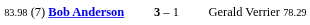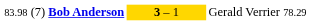 <table style="text-align:center">
 <tr>
 <th width=223></th>
 <th width=100></th>
 <th width=223></th>
 </tr>
 <tr>
 <td align=right><small>83.98</small> (7) <strong><a href='#'>Bob Anderson</a></strong> </td>
-<td><strong>3</strong> – 1</td>
+<td style="background: gold;"><strong>3</strong> – 1</td>
 <td align=left> Gerald Verrier <small>78.29</small></td>
 </tr>
 </table>
